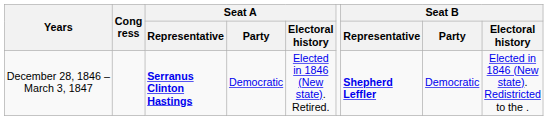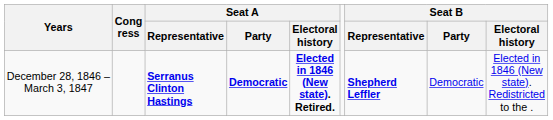 <table class=wikitable style="text-align:center">
 <tr>
 <th rowspan=2>Years</th>
 <th rowspan=2>Cong<br>ress</th>
 <th colspan=3>Seat A</th>
 <td rowspan=99></td>
 <th colspan=3>Seat B</th>
 </tr>
 <tr>
 <th>Representative</th>
 <th>Party</th>
 <th>Electoral history</th>
 <th>Representative</th>
 <th>Party</th>
 <th>Electoral history</th>
 </tr>
 <tr>
 <td nowrap>December 28, 1846 –<br>March 3, 1847</td>
 <td></td>
 <td align=left><br><strong><a href='#'>Serranus Clinton Hastings</a></strong><br></td>
-<td><a href='#'>Democratic</a></td>
-<td><a href='#'>Elected in 1846 (New state)</a>.<br>Retired.</td>
+<td><strong><a href='#'>Democratic</a></strong></td>
+<td><strong><a href='#'>Elected in 1846 (New state)</a>.<br>Retired.</strong></td>
 <td align=left><br><strong><a href='#'>Shepherd Leffler</a></strong><br></td>
 <td><a href='#'>Democratic</a></td>
 <td><a href='#'>Elected in 1846 (New state)</a>.<br><a href='#'>Redistricted</a> to the .</td>
 </tr>
 </table>
